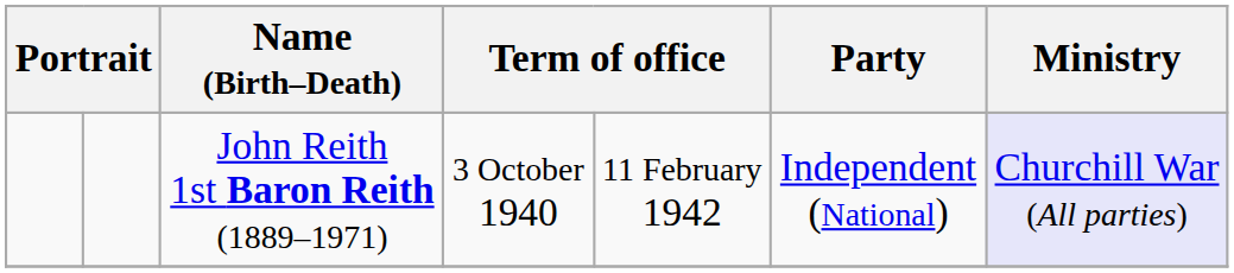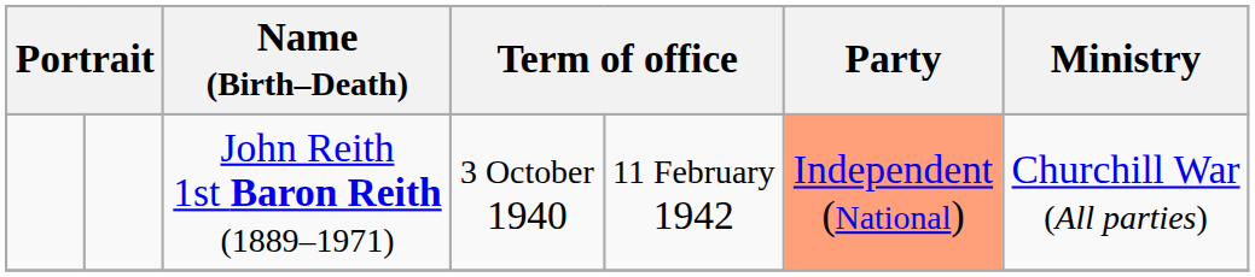 <table class="wikitable" style="text-align:center">
 <tr>
 <th colspan=2>Portrait</th>
 <th>Name<br><small>(Birth–Death)</small></th>
 <th colspan=2>Term of office</th>
 <th>Party</th>
 <th>Ministry</th>
 </tr>
 <tr>
 <td style="background-color:"></td>
 <td></td>
 <td><a href='#'>John Reith<br>1st <strong>Baron Reith</strong></a><br><small>(1889–1971)</small> </td>
 <td><small>3 October</small><br>1940</td>
 <td><small>11 February</small><br>1942</td>
-<td><a href='#'>Independent</a><br>(<a href='#'><small>National</small></a>)</td>
-<td style="background: lavender;"><a href='#'>Churchill War</a><br><small>(<em>All parties</em>)</small></td>
+<td style="background: lightsalmon;"><a href='#'>Independent</a><br>(<a href='#'><small>National</small></a>)</td>
+<td><a href='#'>Churchill War</a><br><small>(<em>All parties</em>)</small></td>
 </tr>
 <tr>
 </tr>
 </table>
